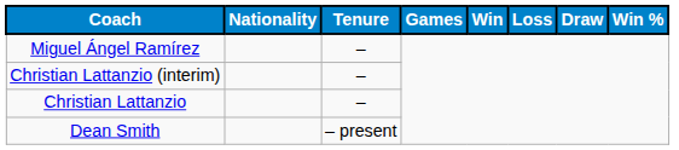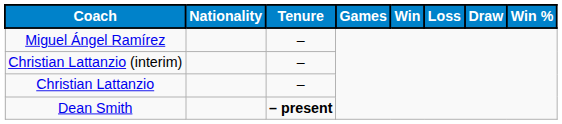 <table class="wikitable" style="text-align:center">
 <tr>
 <th style="background:#0082CA; color:#FFFFFF; border:2px solid #000000;">Coach</th>
 <th style="background:#0082CA; color:#FFFFFF; border:2px solid #000000;">Nationality</th>
 <th style="background:#0082CA; color:#FFFFFF; border:2px solid #000000;">Tenure</th>
 <th style="background:#0082CA; color:#FFFFFF; border:2px solid #000000;">Games</th>
 <th style="background:#0082CA; color:#FFFFFF; border:2px solid #000000;"><strong>Win</strong></th>
 <th style="background:#0082CA; color:#FFFFFF; border:2px solid #000000;">Loss</th>
 <th style="background:#0082CA; color:#FFFFFF; border:2px solid #000000;">Draw</th>
 <th style="background:#0082CA; color:#FFFFFF; border:2px solid #000000;">Win %</th>
 </tr>
 <tr>
 <td><a href='#'>Miguel Ángel Ramírez</a></td>
 <td></td>
 <td> – <br></td>
 </tr>
 <tr>
 <td><a href='#'>Christian Lattanzio</a> (interim)</td>
 <td></td>
 <td> – <br></td>
 </tr>
 <tr>
 <td><a href='#'>Christian Lattanzio</a></td>
 <td></td>
 <td> – <br></td>
 </tr>
 <tr>
 <td><a href='#'>Dean Smith</a></td>
 <td></td>
-<td> – present<br></td>
+<td><strong> – present<br></strong></td>
 </tr>
 </table>
